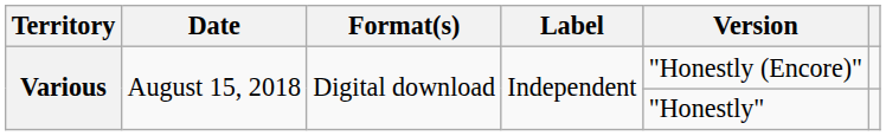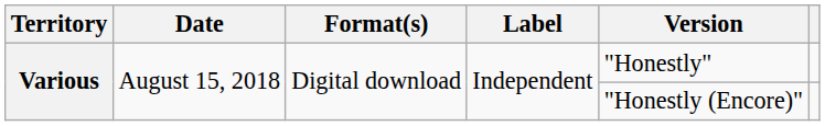 <table class="wikitable plainrowheaders">
 <tr>
 <th scope="col">Territory</th>
 <th scope="col">Date</th>
 <th scope="col">Format(s)</th>
 <th scope="col">Label</th>
 <th scope="col">Version</th>
 <th scope="col"></th>
 </tr>
 <tr>
 <th scope="row" rowspan="2">Various</th>
 <td rowspan="2">August 15, 2018</td>
 <td rowspan="2">Digital download</td>
 <td rowspan="2">Independent</td>
+<td>"Honestly"</td>
+<td></td>
+</tr>
+<tr>
 <td>"Honestly (Encore)"</td>
 <td></td>
 </tr>
-<tr>
-<td>"Honestly"</td>
-<td></td>
-</tr>
 </table>
